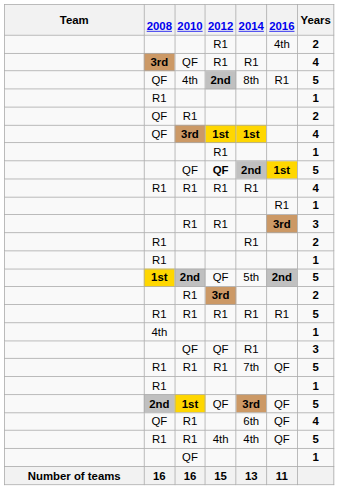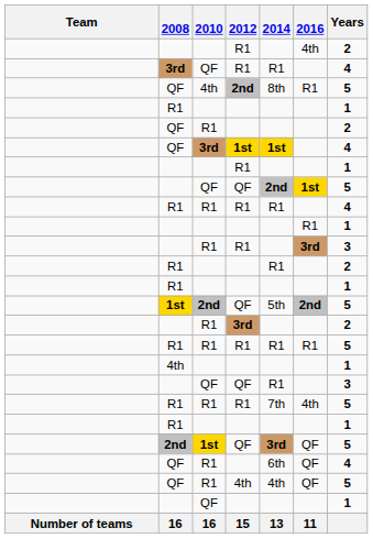 <table class="wikitable" style="text-align:center; font-size:90%">
 <tr>
 <th width=170>Team</th>
 <th width=25><br><a href='#'>2008</a></th>
 <th width=25><br><a href='#'>2010</a></th>
 <th width=25><br><a href='#'>2012</a></th>
 <th width=25><br><a href='#'>2014</a></th>
 <th width=25><br><a href='#'>2016</a></th>
 <th width=40>Years</th>
 </tr>
 <tr>
 <td align=left></td>
 <td></td>
 <td></td>
 <td>R1</td>
 <td></td>
 <td>4th</td>
 <td><strong>2</strong></td>
 </tr>
 <tr>
 <td align=left></td>
 <td bgcolor=#cc9966><strong>3rd</strong></td>
 <td>QF</td>
 <td>R1</td>
 <td>R1</td>
 <td></td>
 <td><strong>4</strong></td>
 </tr>
 <tr>
 <td align=left></td>
 <td>QF</td>
 <td>4th</td>
 <td bgcolor=silver><strong>2nd</strong></td>
 <td>8th</td>
 <td>R1</td>
 <td><strong>5</strong></td>
 </tr>
 <tr>
 <td align=left></td>
 <td>R1</td>
 <td></td>
 <td></td>
 <td></td>
 <td></td>
 <td><strong>1</strong></td>
 </tr>
 <tr>
 <td align=left></td>
 <td>QF</td>
 <td>R1</td>
 <td></td>
 <td></td>
 <td></td>
 <td><strong>2</strong></td>
 </tr>
 <tr>
 <td align=left></td>
 <td>QF</td>
 <td bgcolor=#cc9966><strong>3rd</strong></td>
 <td bgcolor=gold><strong>1st</strong></td>
 <td bgcolor=gold><strong>1st</strong></td>
 <td></td>
 <td><strong>4</strong></td>
 </tr>
 <tr>
 <td align=left></td>
 <td></td>
 <td></td>
 <td>R1</td>
 <td></td>
 <td></td>
 <td><strong>1</strong></td>
 </tr>
 <tr>
 <td align=left></td>
 <td></td>
 <td>QF</td>
-<td><strong>QF</strong></td>
+<td>QF</td>
 <td bgcolor=silver><strong>2nd</strong></td>
 <td bgcolor=gold><strong>1st</strong></td>
 <td><strong>5</strong></td>
 </tr>
 <tr>
 <td align=left></td>
 <td>R1</td>
 <td>R1</td>
 <td>R1</td>
 <td>R1</td>
 <td></td>
 <td><strong>4</strong></td>
 </tr>
 <tr>
 <td align=left></td>
 <td></td>
 <td></td>
 <td></td>
 <td></td>
 <td>R1</td>
 <td><strong>1</strong></td>
 </tr>
 <tr>
 <td align=left></td>
 <td></td>
 <td>R1</td>
 <td>R1</td>
 <td></td>
 <td bgcolor=#cc9966><strong>3rd</strong></td>
 <td><strong>3</strong></td>
 </tr>
 <tr>
 <td align=left></td>
 <td>R1</td>
 <td></td>
 <td></td>
 <td>R1</td>
 <td></td>
 <td><strong>2</strong></td>
 </tr>
 <tr>
 <td align=left></td>
 <td>R1</td>
 <td></td>
 <td></td>
 <td></td>
 <td></td>
 <td><strong>1</strong></td>
 </tr>
 <tr>
 <td align=left></td>
 <td bgcolor=gold><strong>1st</strong></td>
 <td bgcolor=silver><strong>2nd</strong></td>
 <td>QF</td>
 <td>5th</td>
 <td bgcolor=silver><strong>2nd</strong></td>
 <td><strong>5</strong></td>
 </tr>
 <tr>
 <td align=left></td>
 <td></td>
 <td>R1</td>
 <td bgcolor=#cc9966><strong>3rd</strong></td>
 <td></td>
 <td></td>
 <td><strong>2</strong></td>
 </tr>
 <tr>
 <td align=left></td>
 <td>R1</td>
 <td>R1</td>
 <td>R1</td>
 <td>R1</td>
 <td>R1</td>
 <td><strong>5</strong></td>
 </tr>
 <tr>
 <td align=left></td>
 <td>4th</td>
 <td></td>
 <td></td>
 <td></td>
 <td></td>
 <td><strong>1</strong></td>
 </tr>
 <tr>
 <td align=left></td>
 <td></td>
 <td>QF</td>
 <td>QF</td>
 <td>R1</td>
 <td></td>
 <td><strong>3</strong></td>
 </tr>
 <tr>
 <td align=left></td>
 <td>R1</td>
 <td>R1</td>
 <td>R1</td>
 <td>7th</td>
-<td>QF</td>
+<td>4th</td>
 <td><strong>5</strong></td>
 </tr>
 <tr>
 <td align=left></td>
 <td>R1</td>
 <td></td>
 <td></td>
 <td></td>
 <td></td>
 <td><strong>1</strong></td>
 </tr>
 <tr>
 <td align=left></td>
 <td bgcolor=silver><strong>2nd</strong></td>
 <td bgcolor=gold><strong>1st</strong></td>
 <td>QF</td>
 <td bgcolor=#cc9966><strong>3rd</strong></td>
 <td>QF</td>
 <td><strong>5</strong></td>
 </tr>
 <tr>
 <td align=left></td>
 <td>QF</td>
 <td>R1</td>
 <td></td>
 <td>6th</td>
 <td>QF</td>
 <td><strong>4</strong></td>
 </tr>
 <tr>
 <td align=left></td>
-<td>R1</td>
+<td>QF</td>
 <td>R1</td>
 <td>4th</td>
 <td>4th</td>
 <td>QF</td>
 <td><strong>5</strong></td>
 </tr>
 <tr>
 <td align=left></td>
 <td></td>
 <td>QF</td>
 <td></td>
 <td></td>
 <td></td>
 <td><strong>1</strong></td>
 </tr>
 <tr>
 <th>Number of teams</th>
 <th>16</th>
 <th>16</th>
 <th>15</th>
 <th>13</th>
 <th>11</th>
 <th></th>
 </tr>
 </table>
